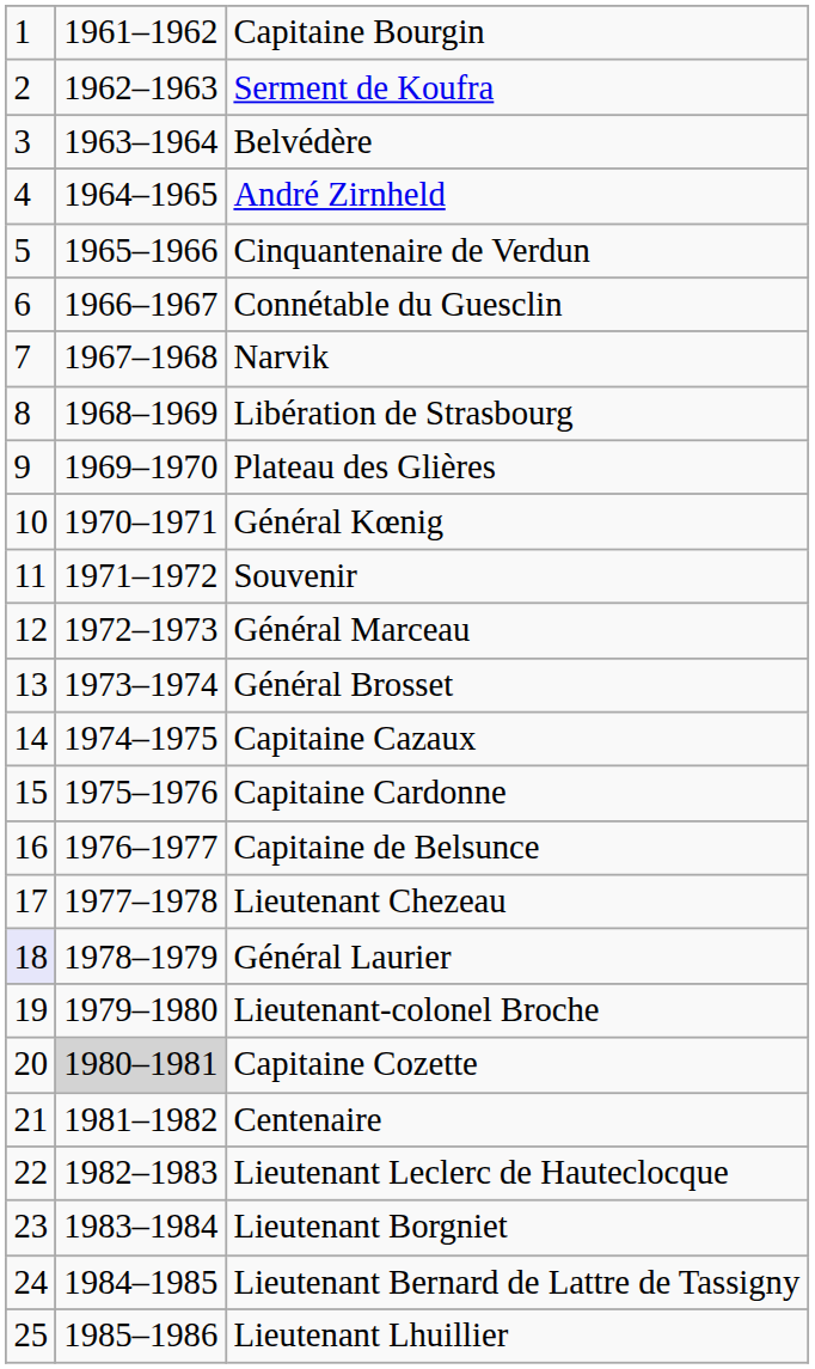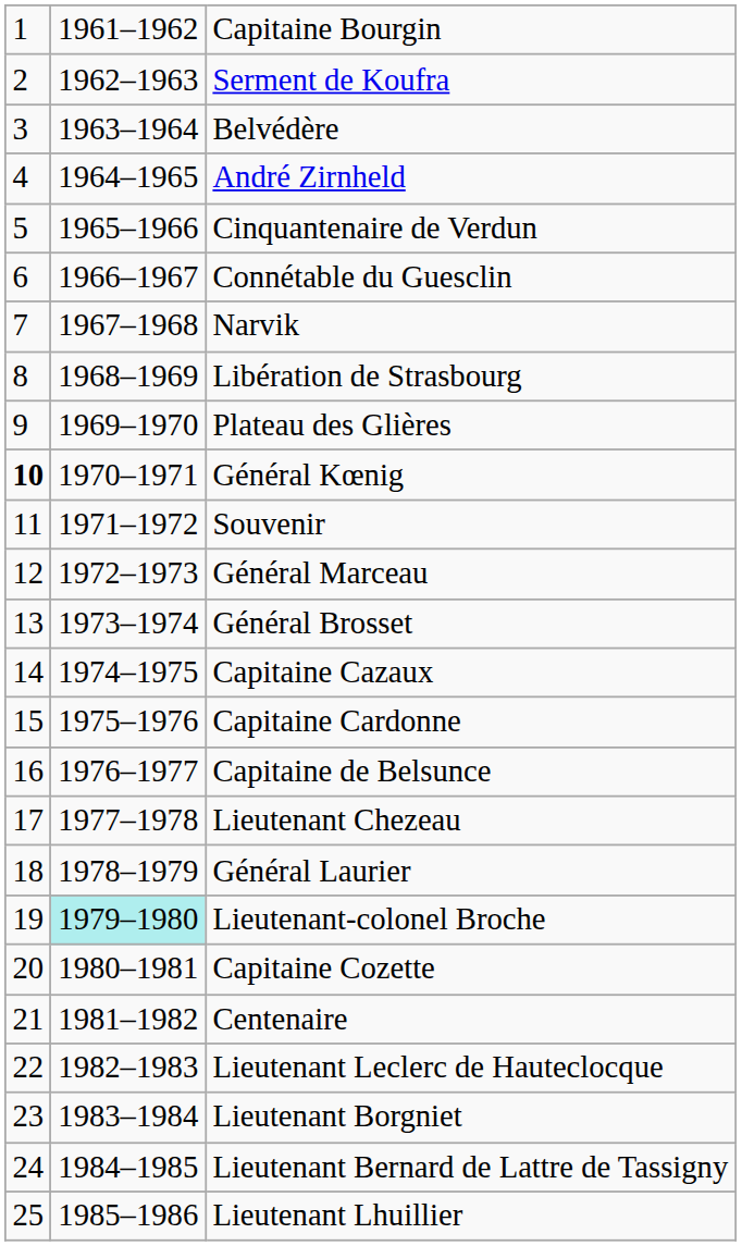 <table class="wikitable">
 <tr>
 <td>1</td>
 <td>1961–1962</td>
 <td>Capitaine Bourgin</td>
 </tr>
 <tr>
 <td>2</td>
 <td>1962–1963</td>
 <td><a href='#'>Serment de Koufra</a></td>
 </tr>
 <tr>
 <td>3</td>
 <td>1963–1964</td>
 <td>Belvédère</td>
 </tr>
 <tr>
 <td>4</td>
 <td>1964–1965</td>
 <td><a href='#'>André Zirnheld</a></td>
 </tr>
 <tr>
 <td>5</td>
 <td>1965–1966</td>
 <td>Cinquantenaire de Verdun</td>
 </tr>
 <tr>
 <td>6</td>
 <td>1966–1967</td>
 <td>Connétable du Guesclin</td>
 </tr>
 <tr>
 <td>7</td>
 <td>1967–1968</td>
 <td>Narvik</td>
 </tr>
 <tr>
 <td>8</td>
 <td>1968–1969</td>
 <td>Libération de Strasbourg</td>
 </tr>
 <tr>
 <td>9</td>
 <td>1969–1970</td>
 <td>Plateau des Glières</td>
 </tr>
 <tr>
-<td>10</td>
+<td><strong>10</strong></td>
 <td>1970–1971</td>
 <td>Général Kœnig</td>
 </tr>
 <tr>
 <td>11</td>
 <td>1971–1972</td>
 <td>Souvenir</td>
 </tr>
 <tr>
 <td>12</td>
 <td>1972–1973</td>
 <td>Général Marceau</td>
 </tr>
 <tr>
 <td>13</td>
 <td>1973–1974</td>
 <td>Général Brosset</td>
 </tr>
 <tr>
 <td>14</td>
 <td>1974–1975</td>
 <td>Capitaine Cazaux</td>
 </tr>
 <tr>
 <td>15</td>
 <td>1975–1976</td>
 <td>Capitaine Cardonne</td>
 </tr>
 <tr>
 <td>16</td>
 <td>1976–1977</td>
 <td>Capitaine de Belsunce</td>
 </tr>
 <tr>
 <td>17</td>
 <td>1977–1978</td>
 <td>Lieutenant Chezeau</td>
 </tr>
 <tr>
-<td style="background: lavender;">18</td>
+<td>18</td>
 <td>1978–1979</td>
 <td>Général Laurier</td>
 </tr>
 <tr>
 <td>19</td>
-<td>1979–1980</td>
+<td style="background: paleturquoise;">1979–1980</td>
 <td>Lieutenant-colonel Broche</td>
 </tr>
 <tr>
 <td>20</td>
-<td style="background: lightgrey;">1980–1981</td>
+<td>1980–1981</td>
 <td>Capitaine Cozette</td>
 </tr>
 <tr>
 <td>21</td>
 <td>1981–1982</td>
 <td>Centenaire</td>
 </tr>
 <tr>
 <td>22</td>
 <td>1982–1983</td>
 <td>Lieutenant Leclerc de Hauteclocque</td>
 </tr>
 <tr>
 <td>23</td>
 <td>1983–1984</td>
 <td>Lieutenant Borgniet</td>
 </tr>
 <tr>
 <td>24</td>
 <td>1984–1985</td>
 <td>Lieutenant Bernard de Lattre de Tassigny</td>
 </tr>
 <tr>
 <td>25</td>
 <td>1985–1986</td>
 <td>Lieutenant Lhuillier</td>
 </tr>
 </table>
